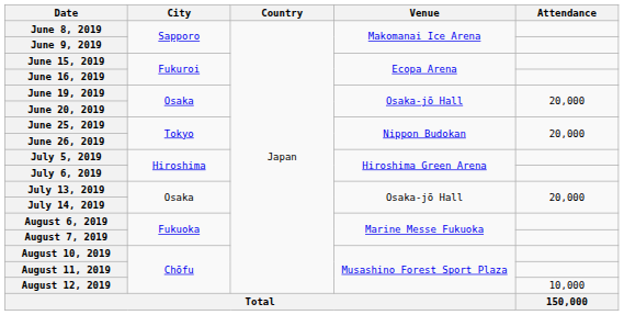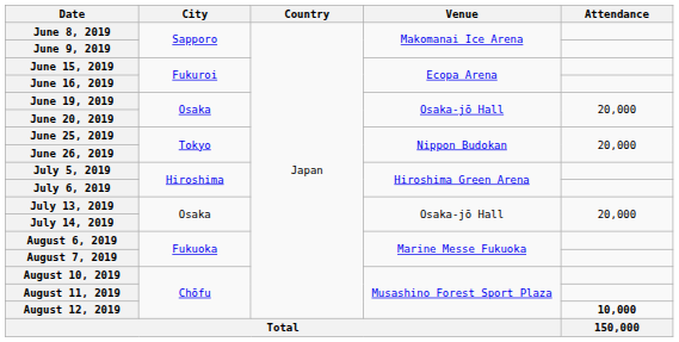 <table class="wikitable plainrowheaders" style="text-align:center">
 <tr>
 <th scope="col" style="width:12em">Date</th>
 <th scope="col" style="width:10em">City</th>
 <th scope="col" style="width:10em">Country</th>
 <th scope="col" style="width:18em">Venue</th>
 <th scope="col" style="width:10em">Attendance</th>
 </tr>
 <tr>
 <th scope="row" style="text-align:center">June 8, 2019</th>
 <td rowspan="2"><a href='#'>Sapporo</a></td>
 <td rowspan="17">Japan</td>
 <td rowspan="2"><a href='#'>Makomanai Ice Arena</a></td>
 <td></td>
 </tr>
 <tr>
 <th scope="row" style="text-align:center">June 9, 2019</th>
 <td></td>
 </tr>
 <tr>
 <th scope="row" style="text-align:center">June 15, 2019</th>
 <td rowspan="2"><a href='#'>Fukuroi</a></td>
 <td rowspan="2"><a href='#'>Ecopa Arena</a></td>
 <td></td>
 </tr>
 <tr>
 <th scope="row" style="text-align:center">June 16, 2019</th>
 <td></td>
 </tr>
 <tr>
 <th scope="row" style="text-align:center">June 19, 2019</th>
 <td rowspan="2"><a href='#'>Osaka</a></td>
 <td rowspan="2"><a href='#'>Osaka-jō Hall</a></td>
 <td rowspan="2">20,000</td>
 </tr>
 <tr>
 <th scope="row" style="text-align:center">June 20, 2019</th>
 </tr>
 <tr>
 <th scope="row" style="text-align:center">June 25, 2019</th>
 <td rowspan="2"><a href='#'>Tokyo</a></td>
 <td rowspan="2"><a href='#'>Nippon Budokan</a></td>
 <td rowspan="2">20,000</td>
 </tr>
 <tr>
 <th scope="row" style="text-align:center">June 26, 2019</th>
 </tr>
 <tr>
 <th scope="row" style="text-align:center">July 5, 2019</th>
 <td rowspan="2"><a href='#'>Hiroshima</a></td>
 <td rowspan="2"><a href='#'>Hiroshima Green Arena</a></td>
 <td></td>
 </tr>
 <tr>
 <th scope="row" style="text-align:center">July 6, 2019</th>
 <td></td>
 </tr>
 <tr>
 <th scope="row" style="text-align:center">July 13, 2019</th>
 <td rowspan="2">Osaka</td>
 <td rowspan="2">Osaka-jō Hall</td>
 <td rowspan="2">20,000</td>
 </tr>
 <tr>
 <th scope="row" style="text-align:center">July 14, 2019</th>
 </tr>
 <tr>
 <th scope="row" style="text-align:center">August 6, 2019</th>
 <td rowspan="2"><a href='#'>Fukuoka</a></td>
 <td rowspan="2"><a href='#'>Marine Messe Fukuoka</a></td>
 <td></td>
 </tr>
 <tr>
 <th scope="row" style="text-align:center">August 7, 2019</th>
 <td></td>
 </tr>
 <tr>
 <th scope="row" style="text-align:center">August 10, 2019</th>
 <td rowspan="3"><a href='#'>Chōfu</a></td>
 <td rowspan="3"><a href='#'>Musashino Forest Sport Plaza</a></td>
 <td></td>
 </tr>
 <tr>
 <th scope="row" style="text-align:center">August 11, 2019</th>
 <td></td>
 </tr>
 <tr>
 <th scope="row" style="text-align:center">August 12, 2019</th>
-<td>10,000</td>
+<td><strong>10,000</strong></td>
 </tr>
 <tr>
 <th colspan="4">Total</th>
 <th>150,000</th>
 </tr>
 </table>
